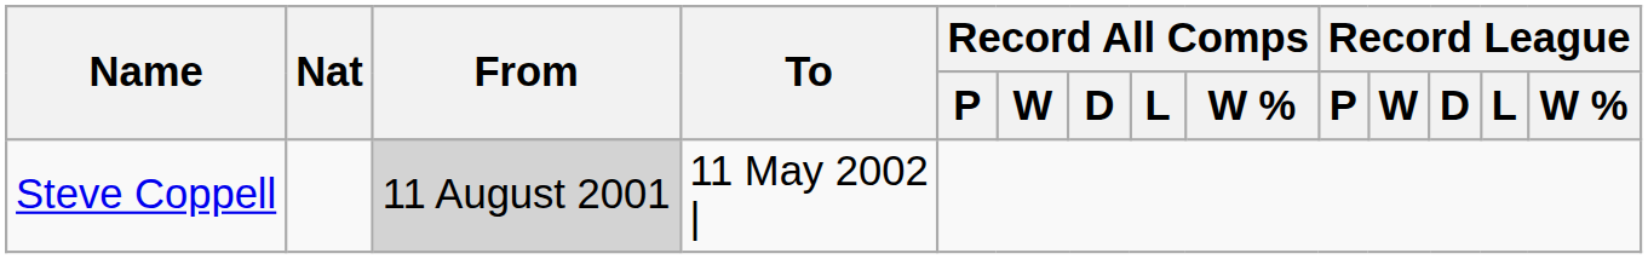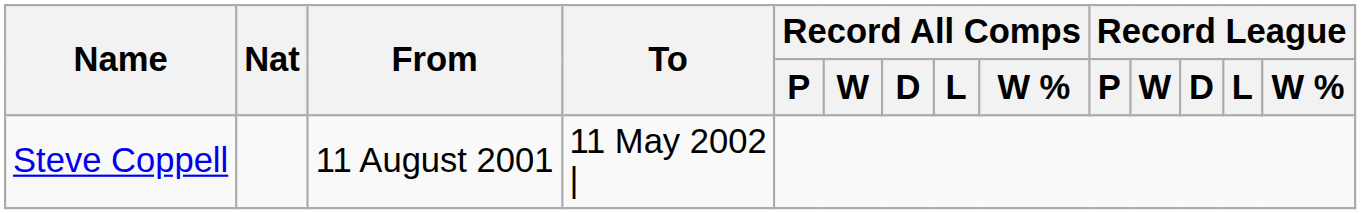 <table class="wikitable" style="text-align: center">
 <tr>
 <th rowspan="2">Name</th>
 <th rowspan="2">Nat</th>
 <th rowspan="2">From</th>
 <th rowspan="2">To</th>
 <th colspan="5">Record All Comps</th>
 <th colspan="5">Record League</th>
 </tr>
 <tr>
 <th>P</th>
 <th>W</th>
 <th>D</th>
 <th>L</th>
 <th>W %</th>
 <th>P</th>
 <th>W</th>
 <th>D</th>
 <th>L</th>
 <th>W %</th>
 </tr>
 <tr>
 <td align=left><a href='#'>Steve Coppell</a></td>
 <td></td>
-<td align=left style="background: lightgrey;">11 August 2001</td>
+<td align=left>11 August 2001</td>
 <td align=left>11 May 2002<br>|</td>
 </tr>
 </table>
